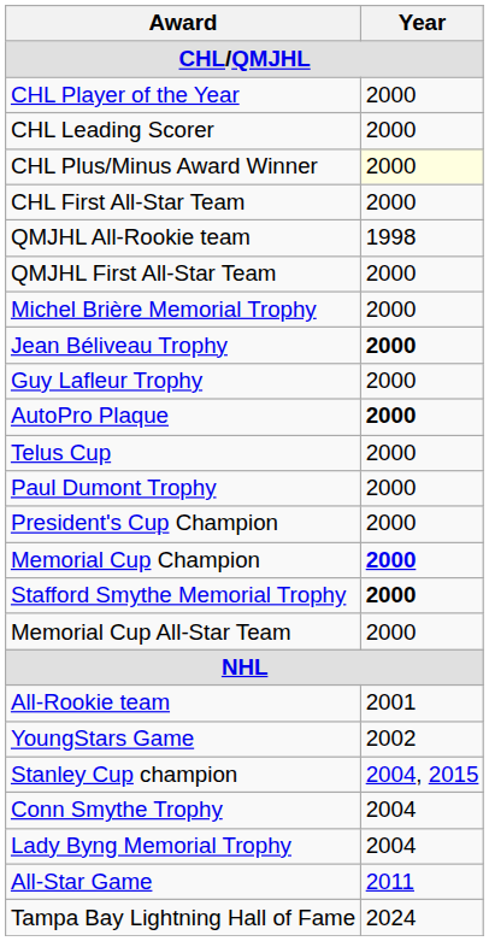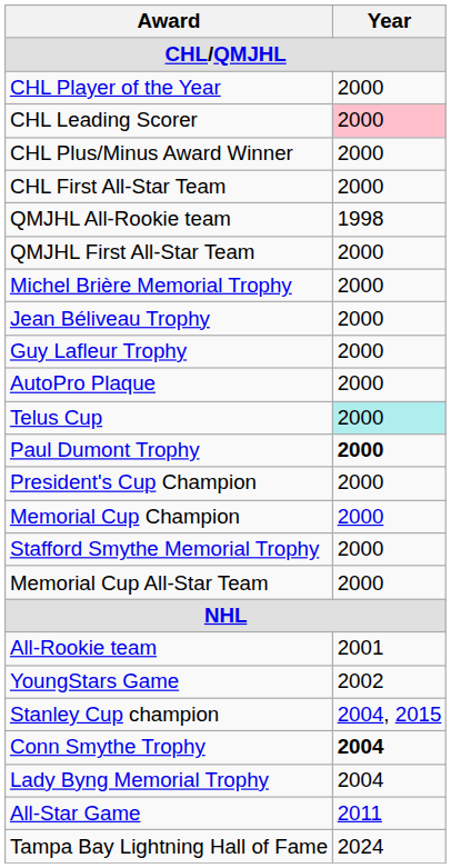 <table class="wikitable">
 <tr>
 <th>Award</th>
 <th>Year</th>
 </tr>
 <tr ALIGN="center" bgcolor="#e0e0e0">
 <td colspan="3"><strong><a href='#'>CHL</a>/<a href='#'>QMJHL</a></strong></td>
 </tr>
 <tr>
 <td><a href='#'>CHL Player of the Year</a></td>
 <td>2000</td>
 </tr>
 <tr>
 <td>CHL Leading Scorer</td>
-<td>2000</td>
+<td style="background: pink;">2000</td>
 </tr>
 <tr>
 <td>CHL Plus/Minus Award Winner</td>
-<td style="background: lightyellow;">2000</td>
+<td>2000</td>
 </tr>
 <tr>
 <td>CHL First All-Star Team</td>
 <td>2000</td>
 </tr>
 <tr>
 <td>QMJHL All-Rookie team</td>
 <td>1998</td>
 </tr>
 <tr>
 <td>QMJHL First All-Star Team</td>
 <td>2000</td>
 </tr>
 <tr>
 <td><a href='#'>Michel Brière Memorial Trophy</a></td>
 <td>2000</td>
 </tr>
 <tr>
 <td><a href='#'>Jean Béliveau Trophy</a></td>
-<td><strong>2000</strong></td>
+<td>2000</td>
 </tr>
 <tr>
 <td><a href='#'>Guy Lafleur Trophy</a></td>
 <td>2000</td>
 </tr>
 <tr>
 <td><a href='#'>AutoPro Plaque</a></td>
-<td><strong>2000</strong></td>
+<td>2000</td>
 </tr>
 <tr>
 <td><a href='#'>Telus Cup</a></td>
-<td>2000</td>
+<td style="background: paleturquoise;">2000</td>
 </tr>
 <tr>
 <td><a href='#'>Paul Dumont Trophy</a></td>
-<td>2000</td>
+<td><strong>2000</strong></td>
 </tr>
 <tr>
 <td><a href='#'>President's Cup</a> Champion</td>
 <td>2000</td>
 </tr>
 <tr>
 <td><a href='#'>Memorial Cup</a> Champion</td>
-<td><strong><a href='#'>2000</a></strong></td>
+<td><a href='#'>2000</a></td>
 </tr>
 <tr>
 <td><a href='#'>Stafford Smythe Memorial Trophy</a></td>
-<td><strong>2000</strong></td>
+<td>2000</td>
 </tr>
 <tr>
 <td>Memorial Cup All-Star Team</td>
 <td>2000</td>
 </tr>
 <tr ALIGN="center" bgcolor="#e0e0e0">
 <td colspan="3"><strong><a href='#'>NHL</a></strong></td>
 </tr>
 <tr>
 <td><a href='#'>All-Rookie team</a></td>
 <td>2001</td>
 </tr>
 <tr>
 <td><a href='#'>YoungStars Game</a></td>
 <td>2002</td>
 </tr>
 <tr>
 <td><a href='#'>Stanley Cup</a> champion</td>
 <td><a href='#'>2004</a>, <a href='#'>2015</a></td>
 </tr>
 <tr>
 <td><a href='#'>Conn Smythe Trophy</a></td>
-<td>2004</td>
+<td><strong>2004</strong></td>
 </tr>
 <tr>
 <td><a href='#'>Lady Byng Memorial Trophy</a></td>
 <td>2004</td>
 </tr>
 <tr>
 <td><a href='#'>All-Star Game</a></td>
 <td><a href='#'>2011</a></td>
 </tr>
 <tr>
 <td>Tampa Bay Lightning Hall of Fame</td>
 <td>2024</td>
 </tr>
 </table>
